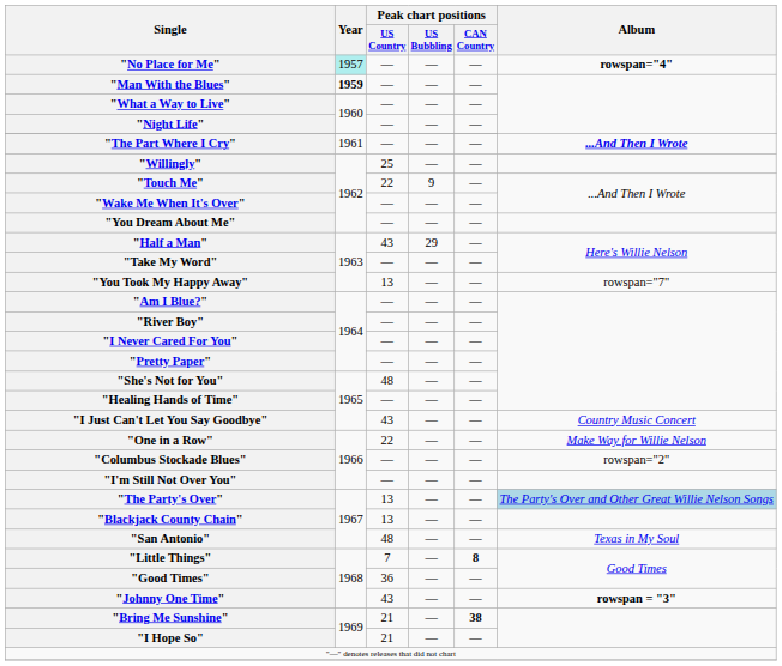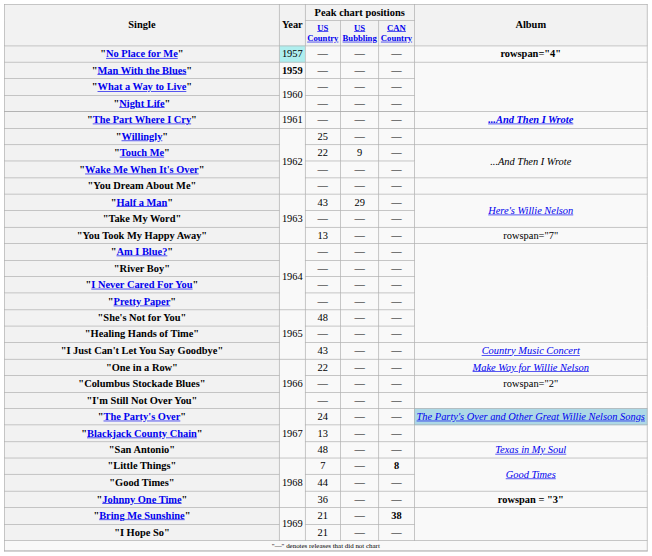 <table class="wikitable plainrowheaders" style="text-align:center;">
 <tr>
 <th rowspan="2" style="width:26em;">Single</th>
 <th rowspan="2">Year</th>
 <th colspan="3">Peak chart positions</th>
 <th rowspan="2">Album</th>
 </tr>
 <tr style="font-size:smaller;">
 <th width="45"><a href='#'>US Country</a><br></th>
 <th width="45"><a href='#'>US Bubbling</a><br></th>
 <th width="45"><a href='#'>CAN Country</a><br></th>
 </tr>
 <tr>
 <th scope="row">"<a href='#'>No Place for Me</a>"</th>
 <td style="background: paleturquoise;">1957</td>
 <td>—</td>
 <td>—</td>
 <td>—</td>
 <td><strong>rowspan="4" </strong></td>
 </tr>
 <tr>
 <th scope="row">"<a href='#'>Man With the Blues</a>"</th>
 <td><strong>1959</strong></td>
 <td>—</td>
 <td>—</td>
 <td>—</td>
 </tr>
 <tr>
 <th scope="row">"<a href='#'>What a Way to Live</a>"</th>
 <td rowspan="2">1960</td>
 <td>—</td>
 <td>—</td>
 <td>—</td>
 </tr>
 <tr>
 <th scope="row">"<a href='#'>Night Life</a>"</th>
 <td>—</td>
 <td>—</td>
 <td>—</td>
 </tr>
 <tr>
 </tr>
 <tr>
 <th scope="row">"<a href='#'>The Part Where I Cry</a>"</th>
 <td>1961</td>
 <td>—</td>
 <td>—</td>
 <td>—</td>
 <td><strong><em><a href='#'>...And Then I Wrote</a></em></strong></td>
 </tr>
 <tr>
 <th scope="row">"<a href='#'>Willingly</a>" </th>
 <td rowspan="4">1962</td>
 <td>25</td>
 <td>—</td>
 <td>—</td>
 <td></td>
 </tr>
 <tr>
 <th scope="row">"<a href='#'>Touch Me</a>"</th>
 <td>22</td>
 <td>9</td>
 <td>—</td>
 <td rowspan="2"><em>...And Then I Wrote</em></td>
 </tr>
 <tr>
 <th scope="row">"<a href='#'>Wake Me When It's Over</a>"</th>
 <td>—</td>
 <td>—</td>
 <td>—</td>
 </tr>
 <tr>
 <th scope="row">"You Dream About Me"  </th>
 <td>—</td>
 <td>—</td>
 <td>—</td>
 <td></td>
 </tr>
 <tr>
 <th scope="row">"<a href='#'>Half a Man</a>"</th>
 <td rowspan="3">1963</td>
 <td>43</td>
 <td>29</td>
 <td>—</td>
 <td rowspan="2"><em><a href='#'>Here's Willie Nelson</a></em></td>
 </tr>
 <tr>
 <th scope="row">"Take My Word"</th>
 <td>—</td>
 <td>—</td>
 <td>—</td>
 </tr>
 <tr>
 <th scope="row">"You Took My Happy Away"</th>
 <td>13</td>
 <td>—</td>
 <td>—</td>
 <td>rowspan="7" </td>
 </tr>
 <tr>
 <th scope="row">"<a href='#'>Am I Blue?</a>"</th>
 <td rowspan="4">1964</td>
 <td>—</td>
 <td>—</td>
 <td>—</td>
 </tr>
 <tr>
 <th scope="row">"River Boy"</th>
 <td>—</td>
 <td>—</td>
 <td>—</td>
 </tr>
 <tr>
 <th scope="row">"<a href='#'>I Never Cared For You</a>"</th>
 <td>—</td>
 <td>—</td>
 <td>—</td>
 </tr>
 <tr>
 <th scope="row">"<a href='#'>Pretty Paper</a>"</th>
 <td>—</td>
 <td>—</td>
 <td>—</td>
 </tr>
 <tr>
 <th scope="row">"She's Not for You"</th>
 <td rowspan="3">1965</td>
 <td>48</td>
 <td>—</td>
 <td>—</td>
 </tr>
 <tr>
 <th scope="row">"Healing Hands of Time"</th>
 <td>—</td>
 <td>—</td>
 <td>—</td>
 </tr>
 <tr>
 <th scope="row">"I Just Can't Let You Say Goodbye" </th>
 <td>43</td>
 <td>—</td>
 <td>—</td>
 <td><em><a href='#'>Country Music Concert</a></em></td>
 </tr>
 <tr>
 <th scope="row">"One in a Row"</th>
 <td rowspan="3">1966</td>
 <td>22</td>
 <td>—</td>
 <td>—</td>
 <td><em><a href='#'>Make Way for Willie Nelson</a></em></td>
 </tr>
 <tr>
 <th scope="row">"Columbus Stockade Blues"</th>
 <td>—</td>
 <td>—</td>
 <td>—</td>
 <td>rowspan="2" </td>
 </tr>
 <tr>
 <th scope="row">"I'm Still Not Over You"</th>
 <td>—</td>
 <td>—</td>
 <td>—</td>
 </tr>
 <tr>
 <th scope="row">"<a href='#'>The Party's Over</a>"</th>
 <td rowspan="3">1967</td>
-<td>13</td>
+<td>24</td>
 <td>—</td>
 <td>—</td>
 <td style="background: lightblue;"><em><a href='#'>The Party's Over and Other Great Willie Nelson Songs</a></em></td>
 </tr>
 <tr>
 <th scope="row">"<a href='#'>Blackjack County Chain</a>"</th>
 <td>13</td>
 <td>—</td>
 <td>—</td>
 <td></td>
 </tr>
 <tr>
 <th scope="row">"San Antonio"</th>
 <td>48</td>
 <td>—</td>
 <td>—</td>
 <td><em><a href='#'>Texas in My Soul</a></em></td>
 </tr>
 <tr>
 <th scope="row">"Little Things"</th>
 <td rowspan="3">1968</td>
 <td>7</td>
 <td>—</td>
 <td><strong>8</strong></td>
 <td rowspan="2"><em><a href='#'>Good Times</a></em></td>
 </tr>
 <tr>
 <th scope="row">"Good Times"</th>
-<td>36</td>
+<td>44</td>
 <td>—</td>
 <td>—</td>
 </tr>
 <tr>
 <th scope="row">"<a href='#'>Johnny One Time</a>"</th>
-<td>43</td>
+<td>36</td>
 <td>—</td>
 <td>—</td>
 <td><strong>rowspan = "3" </strong></td>
 </tr>
 <tr>
 <th scope="row">"<a href='#'>Bring Me Sunshine</a>"</th>
 <td rowspan="2">1969</td>
 <td>21</td>
 <td>—</td>
 <td><strong>38</strong></td>
 </tr>
 <tr>
 <th scope="row">"I Hope So"</th>
 <td>21</td>
 <td>—</td>
 <td>—</td>
 </tr>
 <tr>
 <td colspan="6" style="font-size:8pt">"—" denotes releases that did not chart</td>
 </tr>
 <tr>
 </tr>
 </table>
